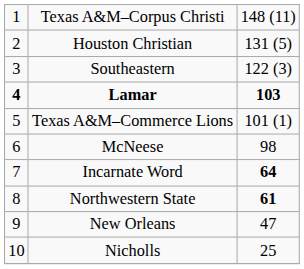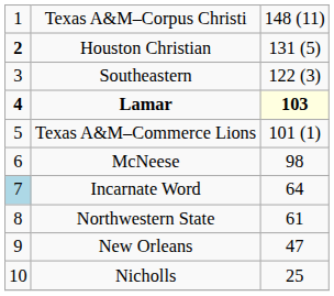 <table class="wikitable">
 <tr align="center">
 <td>1</td>
 <td>Texas A&M–Corpus Christi</td>
 <td>148 (11)</td>
 </tr>
 <tr align="center">
-<td>2</td>
+<td><strong>2</strong></td>
 <td>Houston Christian</td>
 <td>131 (5)</td>
 </tr>
 <tr align="center">
 <td>3</td>
 <td>Southeastern</td>
 <td>122 (3)</td>
 </tr>
 <tr align="center">
 <td><strong>4</strong></td>
 <td><strong>Lamar</strong></td>
-<td><strong>103</strong></td>
+<td style="background: lightyellow;"><strong>103</strong></td>
 </tr>
 <tr align="center">
 <td>5</td>
 <td>Texas A&M–Commerce Lions</td>
 <td>101 (1)</td>
 </tr>
 <tr align="center">
 <td>6</td>
 <td>McNeese</td>
 <td>98</td>
 </tr>
 <tr align="center">
-<td>7</td>
+<td style="background: lightblue;">7</td>
 <td>Incarnate Word</td>
-<td><strong>64</strong></td>
+<td>64</td>
 </tr>
 <tr align="center">
 <td>8</td>
 <td>Northwestern State</td>
-<td><strong>61</strong></td>
+<td>61</td>
 </tr>
 <tr align="center">
 <td>9</td>
 <td>New Orleans</td>
 <td>47</td>
 </tr>
 <tr align="center">
 <td>10</td>
 <td>Nicholls</td>
 <td>25</td>
 </tr>
 <tr align="center">
 </tr>
 </table>
